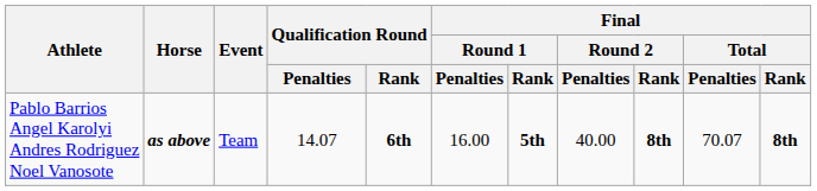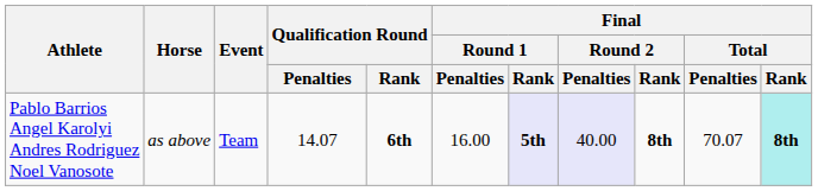 <table class=wikitable style="font-size:90%">
 <tr>
 <th rowspan=3>Athlete</th>
 <th rowspan=3>Horse</th>
 <th rowspan=3>Event</th>
 <th colspan=2 rowspan=2>Qualification Round</th>
 <th colspan=8>Final</th>
 </tr>
 <tr>
 <th colspan=2>Round 1</th>
 <th colspan=2>Round 2</th>
 <th colspan=2>Total</th>
 </tr>
 <tr>
 <th>Penalties</th>
 <th>Rank</th>
 <th>Penalties</th>
 <th>Rank</th>
 <th>Penalties</th>
 <th>Rank</th>
 <th>Penalties</th>
 <th>Rank</th>
 </tr>
 <tr>
 <td><a href='#'>Pablo Barrios</a><br><a href='#'>Angel Karolyi</a><br><a href='#'>Andres Rodriguez</a><br><a href='#'>Noel Vanosote</a></td>
-<td><strong><em>as above</em></strong></td>
+<td><em>as above</em></td>
 <td><a href='#'>Team</a></td>
 <td style="text-align:center;">14.07</td>
 <td style="text-align:center;"><strong>6th</strong></td>
 <td style="text-align:center;">16.00</td>
-<td style="text-align:center;"><strong>5th</strong></td>
-<td style="text-align:center;">40.00</td>
+<td style="background: lavender; text-align:center;"><strong>5th</strong></td>
+<td style="background: lavender; text-align:center;">40.00</td>
 <td style="text-align:center;"><strong>8th</strong></td>
 <td style="text-align:center;">70.07</td>
-<td style="text-align:center;"><strong>8th</strong></td>
+<td style="background: paleturquoise; text-align:center;"><strong>8th</strong></td>
 </tr>
 </table>
